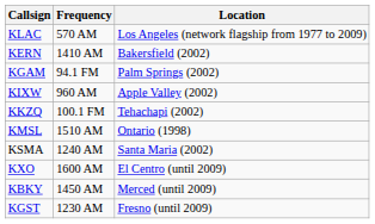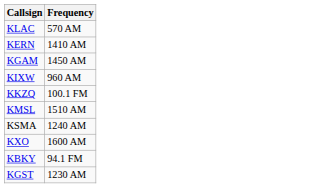 <table class="wikitable">
 <tr>
 <th>Callsign</th>
 <th>Frequency</th>
-<th>Location</th>
 </tr>
 <tr>
 <td><a href='#'>KLAC</a></td>
 <td>570 AM</td>
-<td><a href='#'>Los Angeles</a> (network flagship from 1977 to 2009)</td>
 </tr>
 <tr>
 <td><a href='#'>KERN</a></td>
 <td>1410 AM</td>
-<td><a href='#'>Bakersfield</a> (2002)</td>
 </tr>
 <tr>
 <td><a href='#'>KGAM</a></td>
-<td>94.1 FM</td>
-<td><a href='#'>Palm Springs</a> (2002)</td>
+<td>1450 AM</td>
 </tr>
 <tr>
 <td><a href='#'>KIXW</a></td>
 <td>960 AM</td>
-<td><a href='#'>Apple Valley</a> (2002)</td>
 </tr>
 <tr>
 <td><a href='#'>KKZQ</a></td>
 <td>100.1 FM</td>
-<td><a href='#'>Tehachapi</a> (2002)</td>
 </tr>
 <tr>
 <td><a href='#'>KMSL</a></td>
 <td>1510 AM</td>
-<td><a href='#'>Ontario</a> (1998)</td>
 </tr>
 <tr>
 <td>KSMA</td>
 <td>1240 AM</td>
-<td><a href='#'>Santa Maria</a> (2002)</td>
 </tr>
 <tr>
 <td><a href='#'>KXO</a></td>
 <td>1600 AM</td>
-<td><a href='#'>El Centro</a> (until 2009)</td>
 </tr>
 <tr>
 <td><a href='#'>KBKY</a></td>
-<td>1450 AM</td>
-<td><a href='#'>Merced</a> (until 2009)</td>
+<td>94.1 FM</td>
 </tr>
 <tr>
 <td><a href='#'>KGST</a></td>
 <td>1230 AM</td>
-<td><a href='#'>Fresno</a> (until 2009)</td>
 </tr>
 </table>
